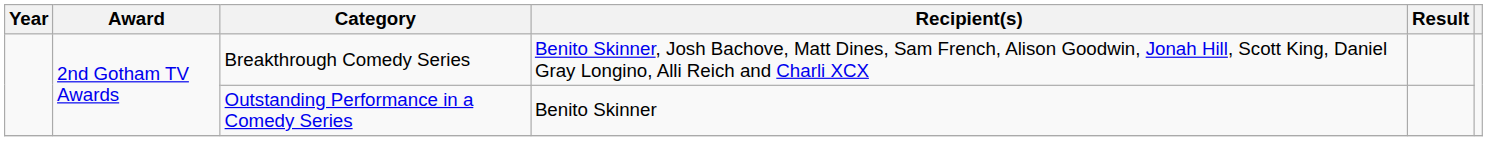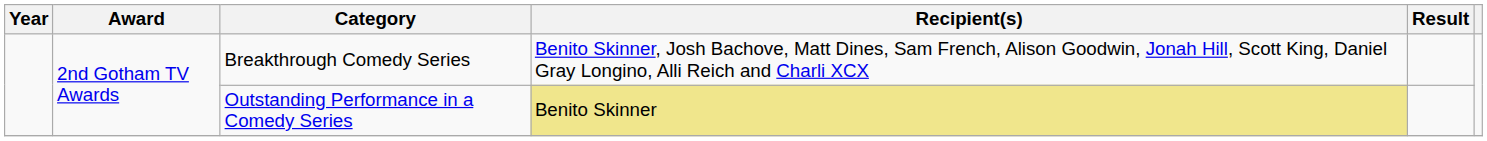 <table class="wikitable sortable plainrowheaders" style="width: 100%;">
 <tr>
 <th scope="col">Year</th>
 <th scope="col">Award</th>
 <th scope="col">Category</th>
 <th scope="col">Recipient(s)</th>
 <th scope="col">Result</th>
 <th scope="col" class="unsortable"></th>
 </tr>
 <tr>
 <td rowspan="2"></td>
 <td rowspan="2"><a href='#'>2nd Gotham TV Awards</a></td>
 <td>Breakthrough Comedy Series</td>
 <td><a href='#'>Benito Skinner</a>, Josh Bachove, Matt Dines, Sam French, Alison Goodwin, <a href='#'>Jonah Hill</a>, Scott King, Daniel Gray Longino, Alli Reich and <a href='#'>Charli XCX</a></td>
 <td></td>
 <td align="center" rowspan="2"></td>
 </tr>
 <tr>
 <td><a href='#'>Outstanding Performance in a Comedy Series</a></td>
-<td>Benito Skinner</td>
+<td style="background: khaki;">Benito Skinner</td>
 <td></td>
 </tr>
 <tr>
 </tr>
 </table>
